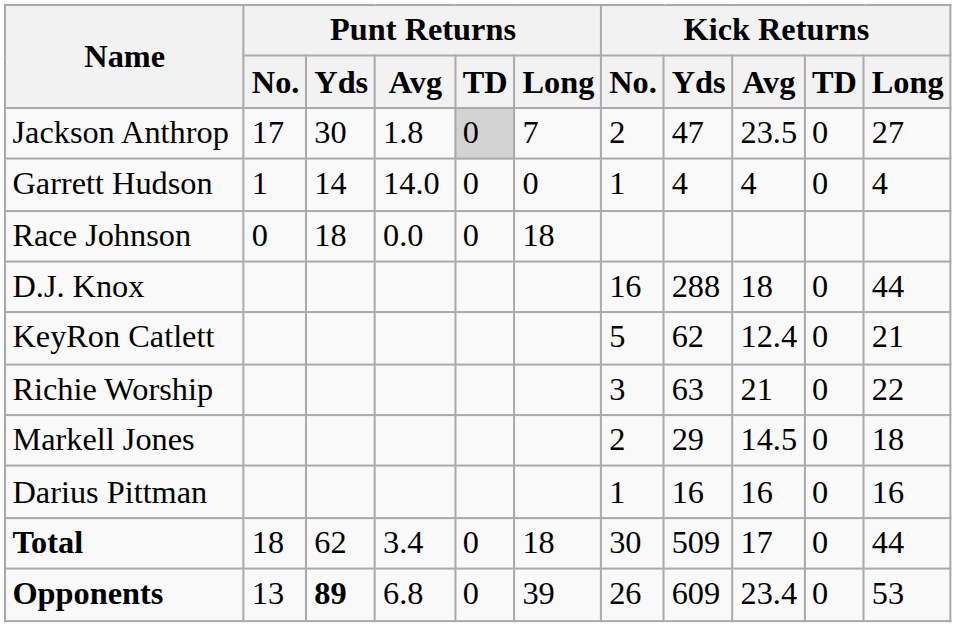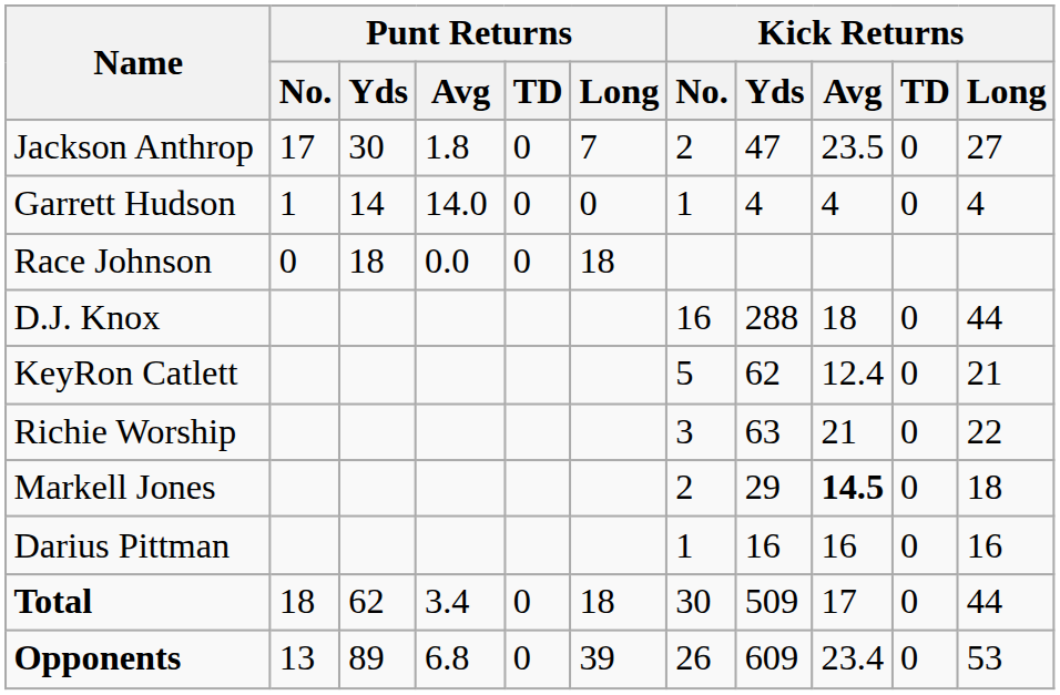 <table class="wikitable" style="white-space:nowrap;">
 <tr>
 <th rowspan="2">Name</th>
 <th colspan="5">Punt Returns</th>
 <th colspan="5">Kick Returns</th>
 </tr>
 <tr>
 <th>No.</th>
 <th>Yds</th>
 <th>Avg</th>
 <th>TD</th>
 <th>Long</th>
 <th>No.</th>
 <th>Yds</th>
 <th>Avg</th>
 <th>TD</th>
 <th>Long</th>
 </tr>
 <tr>
 <td>Jackson Anthrop </td>
 <td>17 </td>
 <td>30 </td>
 <td>1.8 </td>
-<td style="background: lightgrey;">0 </td>
+<td>0 </td>
 <td>7 </td>
 <td>2</td>
 <td>47</td>
 <td>23.5</td>
 <td>0</td>
 <td>27</td>
 </tr>
 <tr>
 <td>Garrett Hudson  </td>
 <td>1 </td>
 <td>14 </td>
 <td>14.0 </td>
 <td>0 </td>
 <td>0 </td>
 <td>1</td>
 <td>4</td>
 <td>4</td>
 <td>0</td>
 <td>4</td>
 </tr>
 <tr>
 <td>Race Johnson  </td>
 <td>0 </td>
 <td>18 </td>
 <td>0.0 </td>
 <td>0 </td>
 <td>18 </td>
 <td></td>
 <td></td>
 <td></td>
 <td></td>
 <td></td>
 </tr>
 <tr>
 <td>D.J. Knox</td>
 <td></td>
 <td></td>
 <td></td>
 <td></td>
 <td></td>
 <td>16</td>
 <td>288</td>
 <td>18</td>
 <td>0</td>
 <td>44</td>
 </tr>
 <tr>
 <td>KeyRon Catlett</td>
 <td></td>
 <td></td>
 <td></td>
 <td></td>
 <td></td>
 <td>5</td>
 <td>62</td>
 <td>12.4</td>
 <td>0</td>
 <td>21</td>
 </tr>
 <tr>
 <td>Richie Worship</td>
 <td></td>
 <td></td>
 <td></td>
 <td></td>
 <td></td>
 <td>3</td>
 <td>63</td>
 <td>21</td>
 <td>0</td>
 <td>22</td>
 </tr>
 <tr>
 <td>Markell Jones</td>
 <td></td>
 <td></td>
 <td></td>
 <td></td>
 <td></td>
 <td>2</td>
 <td>29</td>
-<td>14.5</td>
+<td><strong>14.5</strong></td>
 <td>0</td>
 <td>18</td>
 </tr>
 <tr>
 <td>Darius Pittman</td>
 <td></td>
 <td></td>
 <td></td>
 <td></td>
 <td></td>
 <td>1</td>
 <td>16</td>
 <td>16</td>
 <td>0</td>
 <td>16</td>
 </tr>
 <tr>
 <td><strong>Total</strong> </td>
 <td>18 </td>
 <td>62 </td>
 <td>3.4 </td>
 <td>0 </td>
 <td>18 </td>
 <td>30</td>
 <td>509</td>
 <td>17</td>
 <td>0</td>
 <td>44</td>
 </tr>
 <tr>
 <td><strong>Opponents</strong> </td>
 <td>13 </td>
-<td><strong>89 </strong></td>
+<td>89 </td>
 <td>6.8 </td>
 <td>0 </td>
 <td>39 </td>
 <td>26</td>
 <td>609</td>
 <td>23.4</td>
 <td>0</td>
 <td>53</td>
 </tr>
 </table>
